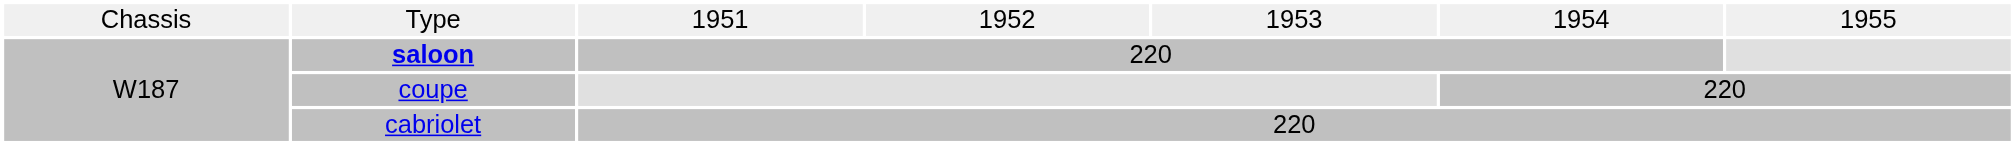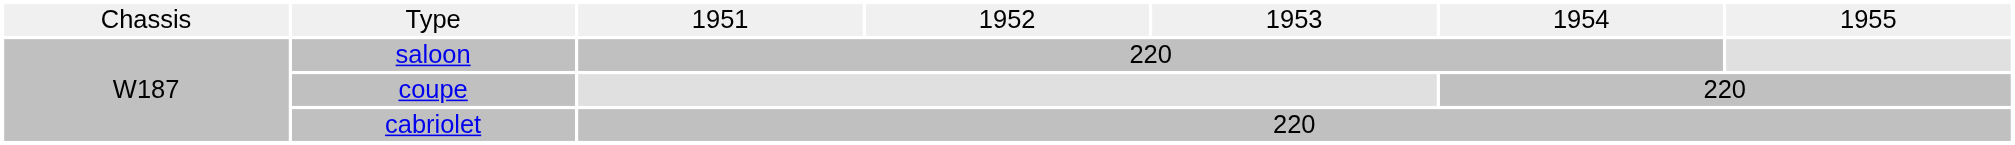 <table style="margin:0 auto;" class="toccolours" align="left">
 <tr style="background:#F0F0F0;">
 <td align=center width=5%>Chassis</td>
 <td align=center width=5%>Type</td>
 <td align=center width=5%>1951</td>
 <td align=center width=5%>1952</td>
 <td align=center width=5%>1953</td>
 <td align=center width=5%>1954</td>
 <td align=center width=5%>1955</td>
 </tr>
 <tr align=center>
 <td rowspan=4 style="background:#C0C0C0;">W187</td>
-<td style="background:#C0C0C0;"><strong><a href='#'>saloon</a></strong></td>
+<td style="background:#C0C0C0;"><a href='#'>saloon</a></td>
 <td colspan=4 style="background:#C0C0C0;">220</td>
 <td colspan=1 style="background:#E0E0E0;"></td>
 </tr>
 <tr align=center>
 <td style="background:#C0C0C0;"><a href='#'>coupe</a></td>
 <td colspan=3 style="background:#E0E0E0;"></td>
 <td colspan=2 style="background:#C0C0C0;">220</td>
 </tr>
 <tr align=center>
 <td style="background:#C0C0C0;"><a href='#'>cabriolet</a></td>
 <td colspan=5 style="background:#C0C0C0;">220</td>
 </tr>
 </table>
